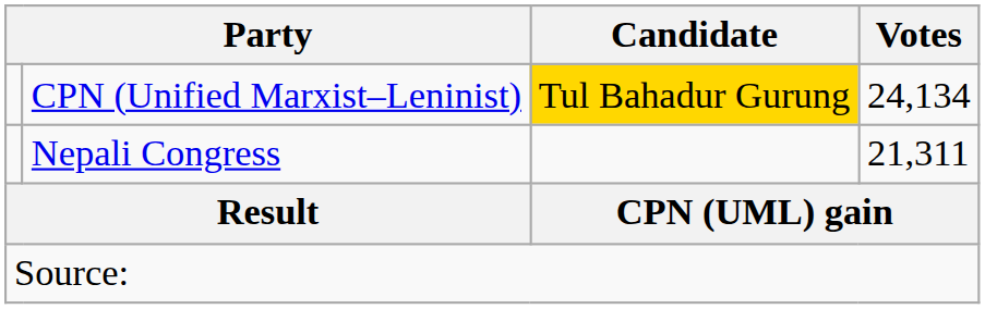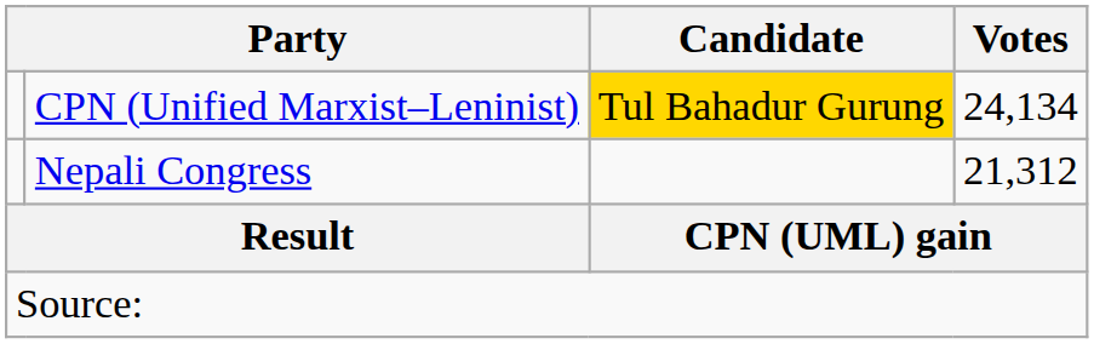 <table class="wikitable">
 <tr>
 <th colspan="2">Party</th>
 <th>Candidate</th>
 <th>Votes</th>
 </tr>
 <tr>
 <td style="background-color:"></td>
 <td><a href='#'>CPN (Unified Marxist–Leninist)</a></td>
 <td style="background: gold;">Tul Bahadur Gurung</td>
 <td>24,134</td>
 </tr>
 <tr>
 <td style="background-color:"></td>
 <td><a href='#'>Nepali Congress</a></td>
 <td></td>
-<td>21,311</td>
+<td>21,312</td>
 </tr>
 <tr>
 <th colspan="2">Result</th>
 <th colspan="2">CPN (UML) gain</th>
 </tr>
 <tr>
 <td colspan="4">Source: </td>
 </tr>
 </table>
